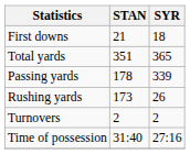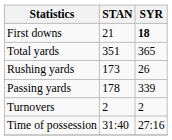 <table class="wikitable" style="float: left;">
 <tr>
 <th>Statistics</th>
 <th>STAN</th>
 <th>SYR</th>
 </tr>
 <tr>
 <td>First downs</td>
 <td>21</td>
-<td>18</td>
+<td><strong>18</strong></td>
 </tr>
 <tr>
 <td>Total yards</td>
 <td>351</td>
 <td>365</td>
 </tr>
 <tr>
+<td>Rushing yards</td>
+<td>173</td>
+<td>26</td>
+</tr>
+<tr>
 <td>Passing yards</td>
 <td>178</td>
 <td>339</td>
-</tr>
-<tr>
-<td>Rushing yards</td>
-<td>173</td>
-<td>26</td>
 </tr>
 <tr>
 <td>Turnovers</td>
 <td>2</td>
 <td>2</td>
 </tr>
 <tr>
 <td>Time of possession</td>
 <td>31:40</td>
 <td>27:16</td>
 </tr>
 <tr>
 </tr>
 </table>
